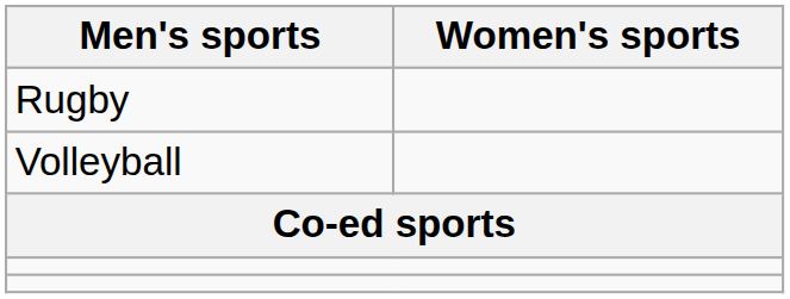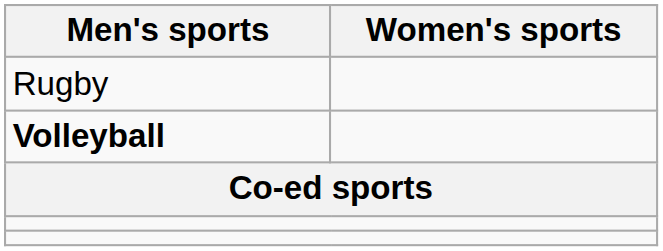 <table class="wikitable"; style= "text-align: ">
 <tr>
 <th width=150px>Men's sports</th>
 <th width=150px>Women's sports</th>
 </tr>
 <tr>
 <td>Rugby</td>
 <td></td>
 </tr>
 <tr>
-<td>Volleyball</td>
+<td><strong>Volleyball</strong></td>
 <td></td>
 </tr>
 <tr>
 <th colspan=2>Co-ed sports</th>
 </tr>
 <tr>
 <td colspan=2></td>
 </tr>
 <tr>
 <td colspan=2></td>
 </tr>
 </table>
